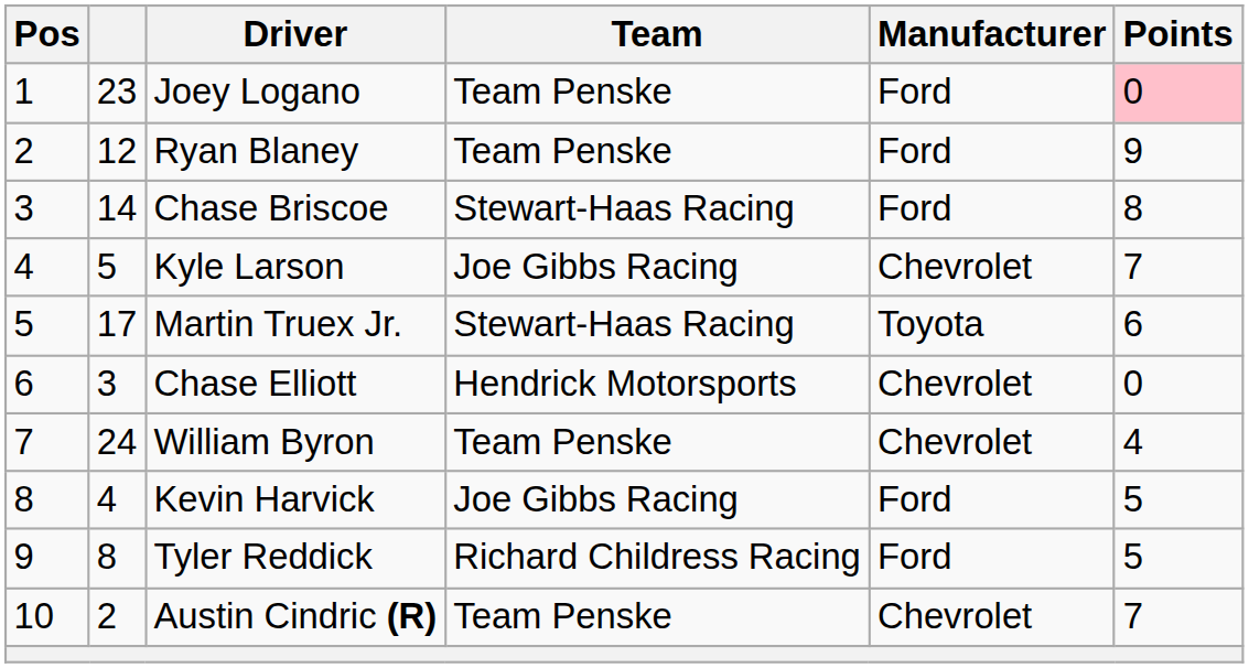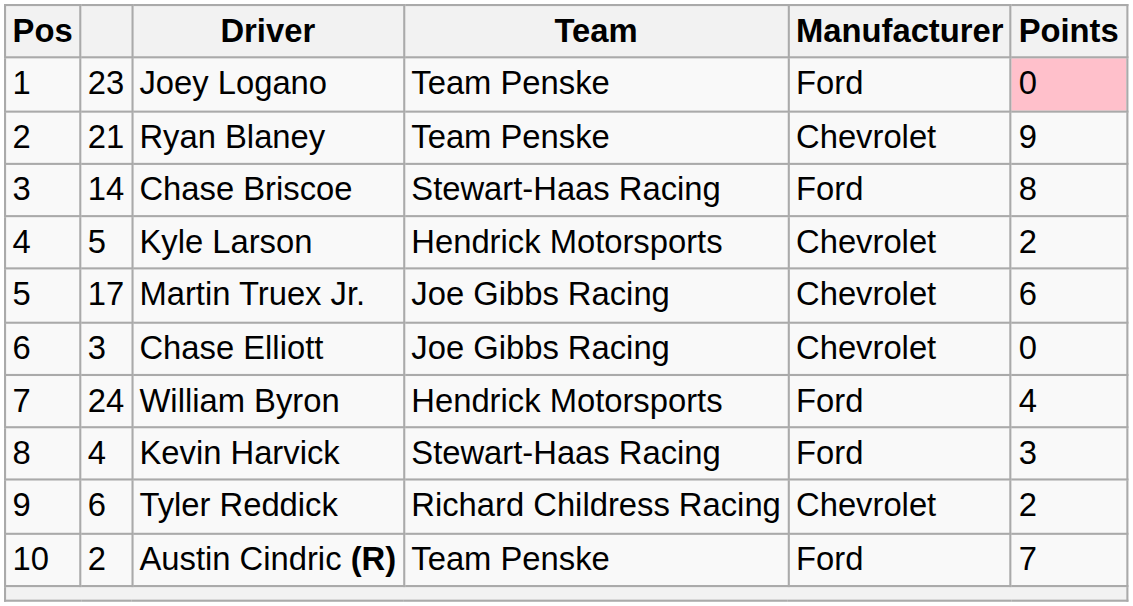 <table class="wikitable" style="font-size:98%">
 <tr>
 <th>Pos</th>
 <th></th>
 <th>Driver</th>
 <th>Team</th>
 <th>Manufacturer</th>
 <th>Points</th>
 </tr>
 <tr>
 <td>1</td>
 <td>23</td>
 <td>Joey Logano</td>
 <td>Team Penske</td>
 <td>Ford</td>
 <td style="background: pink;">0</td>
 </tr>
 <tr>
 <td>2</td>
-<td>12</td>
+<td>21</td>
 <td>Ryan Blaney</td>
 <td>Team Penske</td>
-<td>Ford</td>
+<td>Chevrolet</td>
 <td>9</td>
 </tr>
 <tr>
 <td>3</td>
 <td>14</td>
 <td>Chase Briscoe</td>
 <td>Stewart-Haas Racing</td>
 <td>Ford</td>
 <td>8</td>
 </tr>
 <tr>
 <td>4</td>
 <td>5</td>
 <td>Kyle Larson</td>
-<td>Joe Gibbs Racing</td>
+<td>Hendrick Motorsports</td>
 <td>Chevrolet</td>
-<td>7</td>
+<td>2</td>
 </tr>
 <tr>
 <td>5</td>
 <td>17</td>
 <td>Martin Truex Jr.</td>
-<td>Stewart-Haas Racing</td>
-<td>Toyota</td>
+<td>Joe Gibbs Racing</td>
+<td>Chevrolet</td>
 <td>6</td>
 </tr>
 <tr>
 <td>6</td>
 <td>3</td>
 <td>Chase Elliott</td>
-<td>Hendrick Motorsports</td>
+<td>Joe Gibbs Racing</td>
 <td>Chevrolet</td>
 <td>0</td>
 </tr>
 <tr>
 <td>7</td>
 <td>24</td>
 <td>William Byron</td>
-<td>Team Penske</td>
-<td>Chevrolet</td>
+<td>Hendrick Motorsports</td>
+<td>Ford</td>
 <td>4</td>
 </tr>
 <tr>
 <td>8</td>
 <td>4</td>
 <td>Kevin Harvick</td>
-<td>Joe Gibbs Racing</td>
+<td>Stewart-Haas Racing</td>
 <td>Ford</td>
-<td>5</td>
+<td>3</td>
 </tr>
 <tr>
 <td>9</td>
-<td>8</td>
+<td>6</td>
 <td>Tyler Reddick</td>
 <td>Richard Childress Racing</td>
-<td>Ford</td>
-<td>5</td>
+<td>Chevrolet</td>
+<td>2</td>
 </tr>
 <tr>
 <td>10</td>
 <td>2</td>
 <td>Austin Cindric <strong>(R)</strong></td>
 <td>Team Penske</td>
-<td>Chevrolet</td>
+<td>Ford</td>
 <td>7</td>
 </tr>
 <tr>
 <th colspan="6"></th>
 </tr>
 </table>
